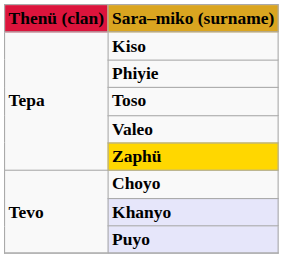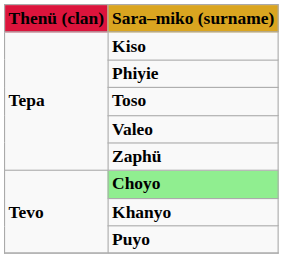 <table class="wikitable sortable">
 <tr>
 <th style="background-color:crimson"><strong>Thenü (clan)</strong></th>
 <th style="background-color:#DAA520"><strong>Sara–miko (surname)</strong></th>
 </tr>
 <tr>
 <td rowspan=5><strong>Tepa</strong></td>
 <td><strong>Kiso</strong></td>
 </tr>
 <tr>
 <td><strong>Phiyie</strong></td>
 </tr>
 <tr>
 <td><strong>Toso</strong></td>
 </tr>
 <tr>
 <td><strong>Valeo</strong></td>
 </tr>
 <tr>
-<td style="background: gold;"><strong>Zaphü</strong></td>
+<td><strong>Zaphü</strong></td>
 </tr>
 <tr>
 <td rowspan=3><strong>Tevo</strong></td>
-<td><strong>Choyo</strong></td>
+<td style="background: lightgreen;"><strong>Choyo</strong></td>
 </tr>
 <tr>
-<td style="background: lavender;"><strong>Khanyo</strong></td>
+<td><strong>Khanyo</strong></td>
 </tr>
 <tr>
-<td style="background: lavender;"><strong>Puyo</strong></td>
+<td><strong>Puyo</strong></td>
 </tr>
 <tr>
 </tr>
 </table>
